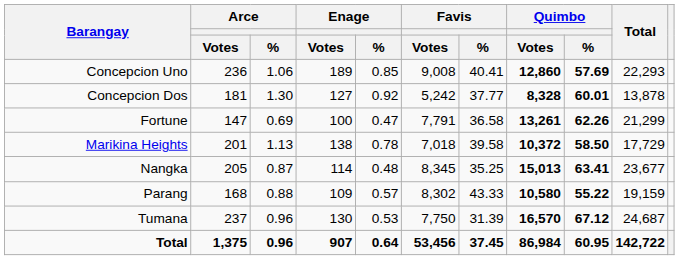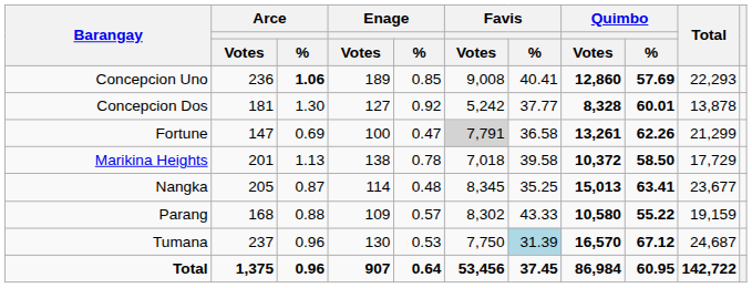 <table class="wikitable collapsible" style="text-align:right; font-size:95%; line-height:20px;">
 <tr>
 <th rowspan="3" width="200"><a href='#'>Barangay</a></th>
 <th colspan="2" width="110">Arce</th>
 <th colspan="2" width="110">Enage</th>
 <th colspan="2" width="110">Favis</th>
 <th colspan="2" width="110"><a href='#'>Quimbo</a></th>
 <th rowspan="3">Total</th>
 <th rowspan="3"></th>
 </tr>
 <tr>
 <th colspan="2" style="background:"></th>
 <th colspan="2" style="background:"></th>
 <th colspan="2" style="background:"></th>
 <th colspan="2" style="background:"></th>
 </tr>
 <tr>
 <th>Votes</th>
 <th>%</th>
 <th>Votes</th>
 <th>%</th>
 <th>Votes</th>
 <th>%</th>
 <th>Votes</th>
 <th>%</th>
 </tr>
 <tr>
 <td>Concepcion Uno</td>
 <td align="right">236</td>
-<td align="right">1.06</td>
+<td align="right"><strong>1.06</strong></td>
 <td align="right">189</td>
 <td align="right">0.85</td>
 <td align="right">9,008</td>
 <td align="right">40.41</td>
 <td style="background:#"><strong>12,860</strong></td>
 <td style="background:#"><strong>57.69</strong></td>
 <td align="right">22,293</td>
 <td></td>
 </tr>
 <tr>
 <td>Concepcion Dos</td>
 <td align="right">181</td>
 <td align="right">1.30</td>
 <td align="right">127</td>
 <td align="right">0.92</td>
 <td align="right">5,242</td>
 <td align="right">37.77</td>
 <td style="background:#"><strong>8,328</strong></td>
 <td style="background:#"><strong>60.01</strong></td>
 <td align="right">13,878</td>
 <td></td>
 </tr>
 <tr>
 <td>Fortune</td>
 <td align="right">147</td>
 <td align="right">0.69</td>
 <td align="right">100</td>
 <td align="right">0.47</td>
-<td align="right">7,791</td>
+<td align="right" style="background: lightgrey;">7,791</td>
 <td align="right">36.58</td>
 <td style="background:#"><strong>13,261</strong></td>
 <td style="background:#"><strong>62.26</strong></td>
 <td align="right">21,299</td>
 <td></td>
 </tr>
 <tr>
 <td><a href='#'>Marikina Heights</a></td>
 <td align="right">201</td>
 <td align="right">1.13</td>
 <td align="right">138</td>
 <td align="right">0.78</td>
 <td align="right">7,018</td>
 <td align="right">39.58</td>
 <td style="background:#"><strong>10,372</strong></td>
 <td style="background:#"><strong>58.50</strong></td>
 <td align="right">17,729</td>
 <td></td>
 </tr>
 <tr>
 <td>Nangka</td>
 <td align="right">205</td>
 <td align="right">0.87</td>
 <td align="right">114</td>
 <td align="right">0.48</td>
 <td align="right">8,345</td>
 <td align="right">35.25</td>
 <td style="background:#"><strong>15,013</strong></td>
 <td style="background:#"><strong>63.41</strong></td>
 <td align="right">23,677</td>
 <td></td>
 </tr>
 <tr>
 <td>Parang</td>
 <td align="right">168</td>
 <td align="right">0.88</td>
 <td align="right">109</td>
 <td align="right">0.57</td>
 <td align="right">8,302</td>
 <td align="right">43.33</td>
 <td style="background:#"><strong>10,580</strong></td>
 <td style="background:#"><strong>55.22</strong></td>
 <td align="right">19,159</td>
 <td></td>
 </tr>
 <tr>
 <td>Tumana</td>
 <td align="right">237</td>
 <td align="right">0.96</td>
 <td align="right">130</td>
 <td align="right">0.53</td>
 <td align="right">7,750</td>
-<td align="right">31.39</td>
+<td align="right" style="background: lightblue;">31.39</td>
 <td style="background:#"><strong>16,570</strong></td>
 <td style="background:#"><strong>67.12</strong></td>
 <td align="right">24,687</td>
 <td></td>
 </tr>
 <tr>
 <td><strong>Total</strong></td>
 <td align="right"><strong>1,375</strong></td>
 <td align="right"><strong>0.96</strong></td>
 <td align="right"><strong>907</strong></td>
 <td align="right"><strong>0.64</strong></td>
 <td align="right"><strong>53,456</strong></td>
 <td align="right"><strong>37.45</strong></td>
 <td style="background:#"><strong>86,984</strong></td>
 <td style="background:#"><strong>60.95</strong></td>
 <td align="right"><strong>142,722</strong></td>
 <th></th>
 </tr>
 </table>
